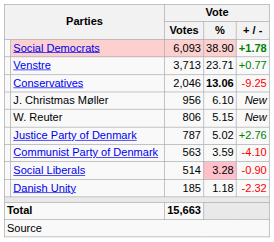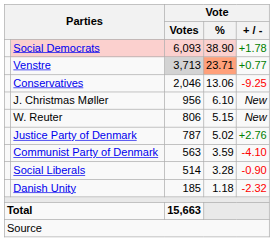 <table class="wikitable" style="text-align:right;">
 <tr>
 <th style="text-align:centre;" rowspan="2" colspan="2" width="225">Parties</th>
 <th colspan="3">Vote</th>
 </tr>
 <tr>
 <th width="15">Votes</th>
 <th width="15">%</th>
 <th width="15">+ / -</th>
 </tr>
 <tr>
 <td width="2" style="color:inherit;background:"></td>
 <td bgcolor=#fbd0ce  align="left"><a href='#'>Social Democrats</a></td>
 <td bgcolor=#fbd0ce>6,093</td>
 <td bgcolor=#fbd0ce>38.90</td>
-<td style=color:green;><strong>+1.78</strong></td>
+<td style=color:green;>+1.78</td>
 </tr>
 <tr>
 <td width="2" style="color:inherit;background:"></td>
 <td align="left"><a href='#'>Venstre</a></td>
-<td>3,713</td>
-<td>23.71</td>
+<td style="background: lightgrey;">3,713</td>
+<td style="background: lightsalmon;">23.71</td>
 <td style=color:green;>+0.77</td>
 </tr>
 <tr>
 <td width="2" style="color:inherit;background:"></td>
 <td align="left"><a href='#'>Conservatives</a></td>
 <td>2,046</td>
-<td><strong>13.06</strong></td>
+<td>13.06</td>
 <td style=color:red;>-9.25</td>
 </tr>
 <tr>
 <td width="2" style="color:inherit;background:"></td>
 <td align="left">J. Christmas Møller</td>
 <td>956</td>
 <td>6.10</td>
 <td><em>New</em></td>
 </tr>
 <tr>
 <td width="2" style="color:inherit;background:"></td>
 <td align="left">W. Reuter</td>
 <td>806</td>
 <td>5.15</td>
 <td><em>New</em></td>
 </tr>
 <tr>
 <td width="2" style="color:inherit;background:"></td>
 <td align="left"><a href='#'>Justice Party of Denmark</a></td>
 <td>787</td>
 <td>5.02</td>
 <td style=color:green;>+2.76</td>
 </tr>
 <tr>
 <td width="2" style="color:inherit;background:"></td>
 <td align="left"><a href='#'>Communist Party of Denmark</a></td>
 <td>563</td>
 <td>3.59</td>
 <td style=color:red;>-4.10</td>
 </tr>
 <tr>
 <td width="2" style="color:inherit;background:"></td>
 <td align="left"><a href='#'>Social Liberals</a></td>
 <td>514</td>
-<td style="background: pink;">3.28</td>
+<td>3.28</td>
 <td style=color:red;>-0.90</td>
 </tr>
 <tr>
 <td width="2" style="color:inherit;background:"></td>
 <td align="left"><a href='#'>Danish Unity</a></td>
 <td>185</td>
 <td>1.18</td>
 <td style=color:red;>-2.32</td>
 </tr>
 <tr>
 <td colspan="7" bgcolor="#E9E9E9"></td>
 </tr>
 <tr>
 <td align="left" colspan="2"><strong>Total</strong></td>
 <td><strong>15,663</strong></td>
 <td bgcolor="#E9E9E9" colspan="2"></td>
 </tr>
 <tr>
 <td align="left" colspan="6">Source</td>
 </tr>
 </table>
